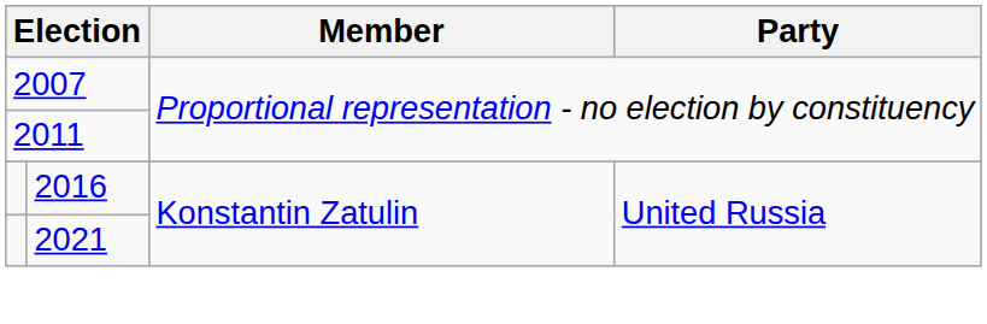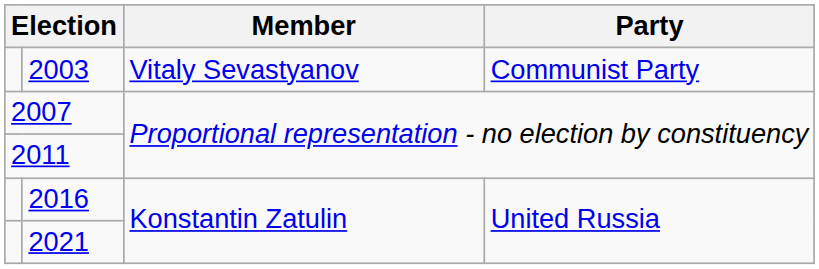 <table class="wikitable">
 <tr>
 <th colspan="2">Election</th>
 <th>Member</th>
 <th>Party</th>
+</tr>
+<tr>
+<td style="background-color:"></td>
+<td><a href='#'>2003</a></td>
+<td><a href='#'>Vitaly Sevastyanov</a></td>
+<td><a href='#'>Communist Party</a></td>
 </tr>
 <tr>
 <td colspan=2><a href='#'>2007</a></td>
 <td colspan=2 rowspan=2><em><a href='#'>Proportional representation</a> - no election by constituency</em></td>
 </tr>
 <tr>
 <td colspan=2><a href='#'>2011</a></td>
 </tr>
 <tr>
 <td style="background-color: "></td>
 <td><a href='#'>2016</a></td>
 <td rowspan=2><a href='#'>Konstantin Zatulin</a></td>
 <td rowspan=2><a href='#'>United Russia</a></td>
 </tr>
 <tr>
 <td style="background-color: "></td>
 <td><a href='#'>2021</a></td>
 </tr>
 </table>
